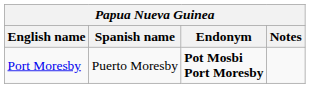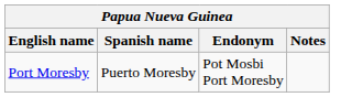 <table class="wikitable sortable">
 <tr>
 <th colspan="4"> <em>Papua Nueva Guinea</em></th>
 </tr>
 <tr>
 <th>English name</th>
 <th>Spanish name</th>
 <th>Endonym</th>
 <th>Notes</th>
 </tr>
 <tr>
 <td><a href='#'>Port Moresby</a></td>
 <td>Puerto Moresby</td>
-<td><strong>Pot Mosbi<br>Port Moresby</strong></td>
+<td>Pot Mosbi<br>Port Moresby</td>
 <td></td>
 </tr>
 </table>
